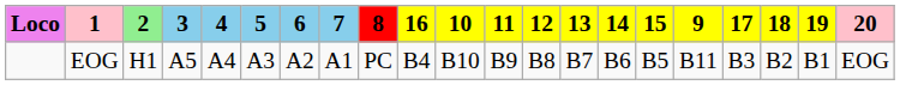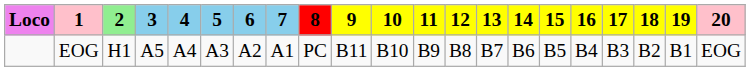 <table class="wikitable plainrowheaders unsortable" style="text-align:center">
 <tr>
 <th scope="col" style="background:violet;">Loco</th>
 <th scope="col" style="background:pink;">1</th>
 <th scope="col" style="background:lightgreen;">2</th>
 <th scope="col" style="background:skyblue;">3</th>
 <th scope="col" style="background:skyblue;">4</th>
 <th scope="col" style="background:skyblue;">5</th>
 <th scope="col" style="background:skyblue;">6</th>
 <th scope="col" style="background:skyblue;">7</th>
 <th scope="col" style="background:red;">8</th>
-<th scope="col" style="background:yellow;">16</th>
+<th scope="col" style="background:yellow;">9</th>
 <th scope="col" style="background:yellow;">10</th>
 <th scope="col" style="background:yellow;">11</th>
 <th scope="col" style="background:yellow;">12</th>
 <th scope="col" style="background:yellow;">13</th>
 <th scope="col" style="background:yellow;">14</th>
 <th scope="col" style="background:yellow;">15</th>
-<th scope="col" style="background:yellow;">9</th>
+<th scope="col" style="background:yellow;">16</th>
 <th scope="col" style="background:yellow;">17</th>
 <th scope="col" style="background:yellow;">18</th>
 <th scope="col" style="background:yellow;">19</th>
 <th scope="col" style="background:pink;">20</th>
 </tr>
 <tr>
 <td></td>
 <td>EOG</td>
 <td>H1</td>
 <td>A5</td>
 <td>A4</td>
 <td>A3</td>
 <td>A2</td>
 <td>A1</td>
 <td>PC</td>
-<td>B4</td>
+<td>B11</td>
 <td>B10</td>
 <td>B9</td>
 <td>B8</td>
 <td>B7</td>
 <td>B6</td>
 <td>B5</td>
-<td>B11</td>
+<td>B4</td>
 <td>B3</td>
 <td>B2</td>
 <td>B1</td>
 <td>EOG</td>
 </tr>
 </table>
